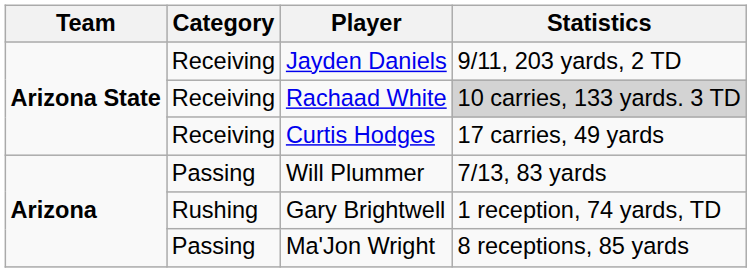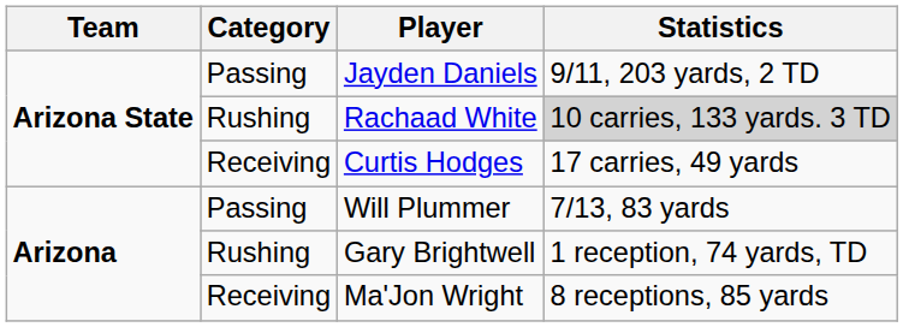 <table class="wikitable" style="float: right;">
 <tr>
 <th>Team</th>
 <th>Category</th>
 <th>Player</th>
 <th>Statistics</th>
 </tr>
 <tr>
 <td rowspan=3><strong>Arizona State</strong></td>
-<td>Receiving</td>
+<td>Passing</td>
 <td><a href='#'>Jayden Daniels</a></td>
 <td>9/11, 203 yards, 2 TD</td>
 </tr>
 <tr>
-<td>Receiving</td>
+<td>Rushing</td>
 <td><a href='#'>Rachaad White</a></td>
 <td style="background: lightgrey;">10 carries, 133 yards. 3 TD</td>
 </tr>
 <tr>
 <td>Receiving</td>
 <td><a href='#'>Curtis Hodges</a></td>
 <td>17 carries, 49 yards</td>
 </tr>
 <tr>
 <td rowspan=3><strong>Arizona</strong></td>
 <td>Passing</td>
 <td>Will Plummer</td>
 <td>7/13, 83 yards</td>
 </tr>
 <tr>
 <td>Rushing</td>
 <td>Gary Brightwell</td>
 <td>1 reception, 74 yards, TD</td>
 </tr>
 <tr>
-<td>Passing</td>
+<td>Receiving</td>
 <td>Ma'Jon Wright</td>
 <td>8 receptions, 85 yards</td>
 </tr>
 </table>
